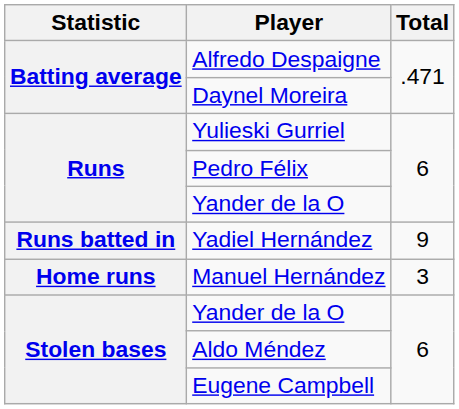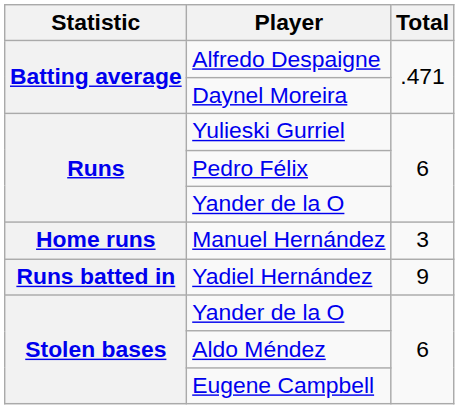 <table class="wikitable plainrowheaders">
 <tr>
 <th scope="col">Statistic</th>
 <th scope="col">Player</th>
 <th scope="col">Total</th>
 </tr>
 <tr>
 <th scope="row" rowspan=2><a href='#'>Batting average</a></th>
 <td> <a href='#'>Alfredo Despaigne</a></td>
 <td align=center rowspan=2>.471</td>
 </tr>
 <tr>
 <td> <a href='#'>Daynel Moreira</a></td>
 </tr>
 <tr>
 <th scope="row" rowspan=3><a href='#'>Runs</a></th>
 <td> <a href='#'>Yulieski Gurriel</a></td>
 <td align=center rowspan=3>6</td>
 </tr>
 <tr>
 <td> <a href='#'>Pedro Félix</a></td>
 </tr>
 <tr>
 <td> <a href='#'>Yander de la O</a></td>
 </tr>
 <tr>
+<th scope="row"><a href='#'>Home runs</a></th>
+<td> <a href='#'>Manuel Hernández</a></td>
+<td align=center>3</td>
+</tr>
+<tr>
 <th scope="row"><a href='#'>Runs batted in</a></th>
 <td> <a href='#'>Yadiel Hernández</a></td>
 <td align=center>9</td>
-</tr>
-<tr>
-<th scope="row"><a href='#'>Home runs</a></th>
-<td> <a href='#'>Manuel Hernández</a></td>
-<td align=center>3</td>
 </tr>
 <tr>
 <th scope="row" rowspan=3><a href='#'>Stolen bases</a></th>
 <td> <a href='#'>Yander de la O</a></td>
 <td align=center rowspan=3>6</td>
 </tr>
 <tr>
 <td> <a href='#'>Aldo Méndez</a></td>
 </tr>
 <tr>
 <td> <a href='#'>Eugene Campbell</a></td>
 </tr>
 </table>
